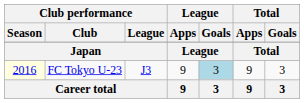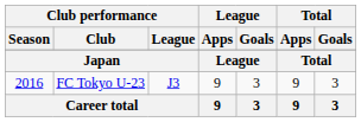 <table class="wikitable" style="text-align:center">
 <tr>
 <th colspan=3>Club performance</th>
 <th colspan=2>League</th>
 <th colspan=2>Total</th>
 </tr>
 <tr>
 <th>Season</th>
 <th>Club</th>
 <th>League</th>
 <th>Apps</th>
 <th>Goals</th>
 <th>Apps</th>
 <th>Goals</th>
 </tr>
 <tr>
 </tr>
 <tr>
 <th colspan=3>Japan</th>
 <th colspan=2>League</th>
 <th colspan=2>Total</th>
 </tr>
 <tr>
-<td style="background: lightyellow;"><a href='#'>2016</a></td>
+<td><a href='#'>2016</a></td>
 <td rowspan=1><a href='#'>FC Tokyo U-23</a></td>
 <td rowspan=1><a href='#'>J3</a></td>
 <td>9</td>
-<td style="background: lightblue;">3</td>
+<td>3</td>
 <td>9</td>
 <td>3</td>
 </tr>
 <tr>
 <th colspan=3>Career total</th>
 <th>9</th>
 <th>3</th>
 <th>9</th>
 <th>3</th>
 </tr>
 </table>
